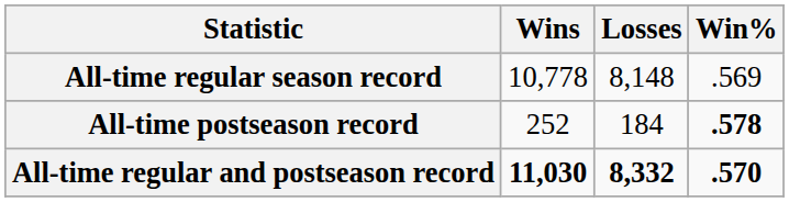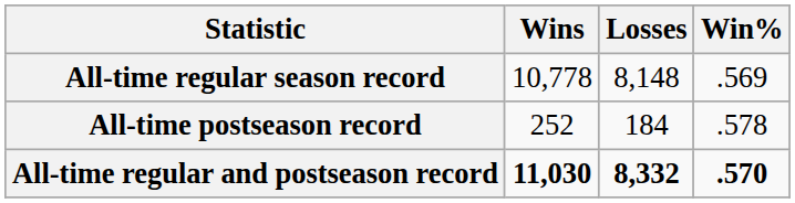 <table class="wikitable plainrowheaders" style="text-align:center; font-size:95%">
 <tr>
 <th scope="col">Statistic</th>
 <th scope="col">Wins</th>
 <th scope="col">Losses</th>
 <th scope="col">Win%</th>
 </tr>
 <tr>
 <th scope="row">All-time regular season record</th>
 <td>10,778</td>
 <td>8,148</td>
 <td>.569</td>
 </tr>
 <tr>
 <th scope="row">All-time postseason record</th>
 <td>252</td>
 <td>184</td>
-<td><strong>.578</strong></td>
+<td>.578</td>
 </tr>
 <tr>
 <th scope="row">All-time regular and postseason record</th>
 <td><strong>11,030</strong></td>
 <td><strong>8,332</strong></td>
 <td><strong>.570</strong></td>
 </tr>
 </table>
